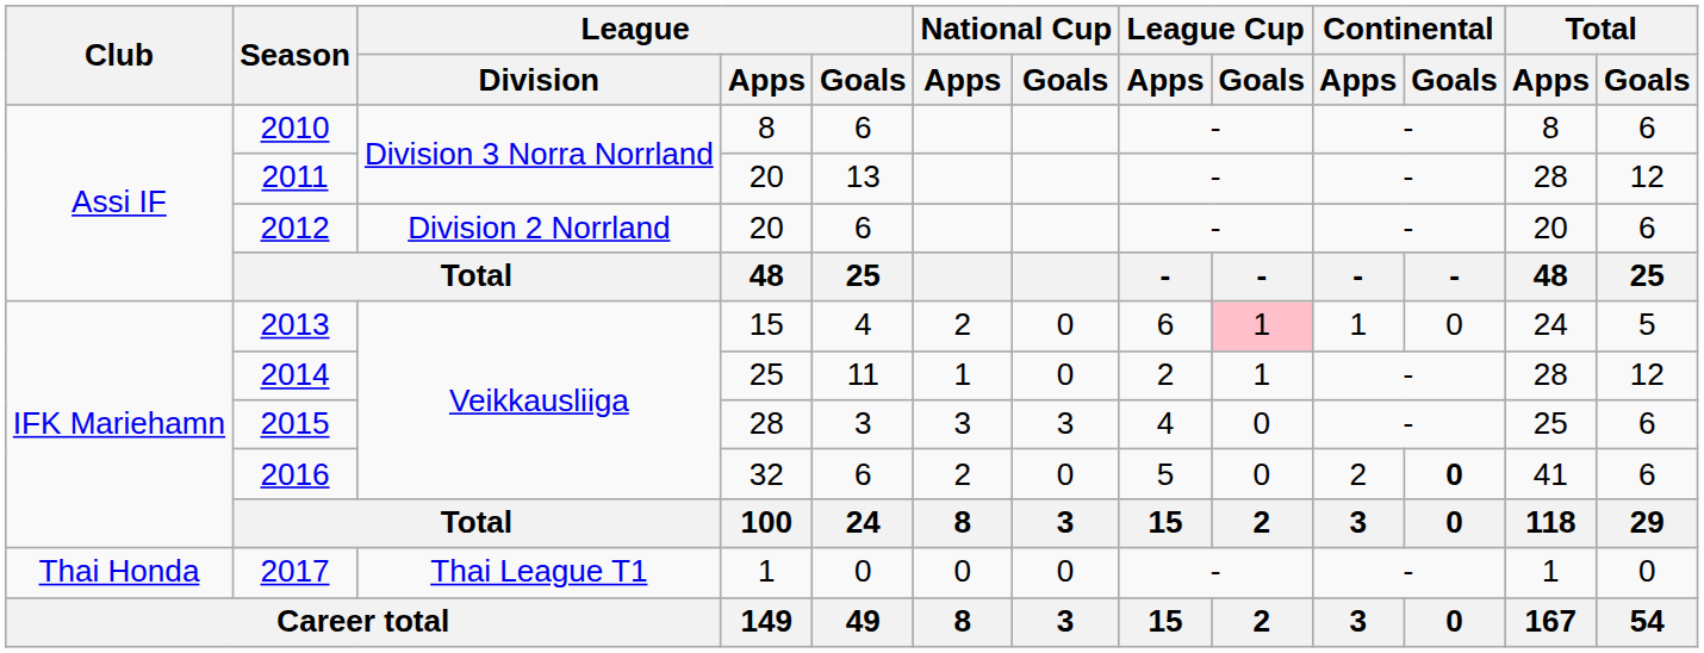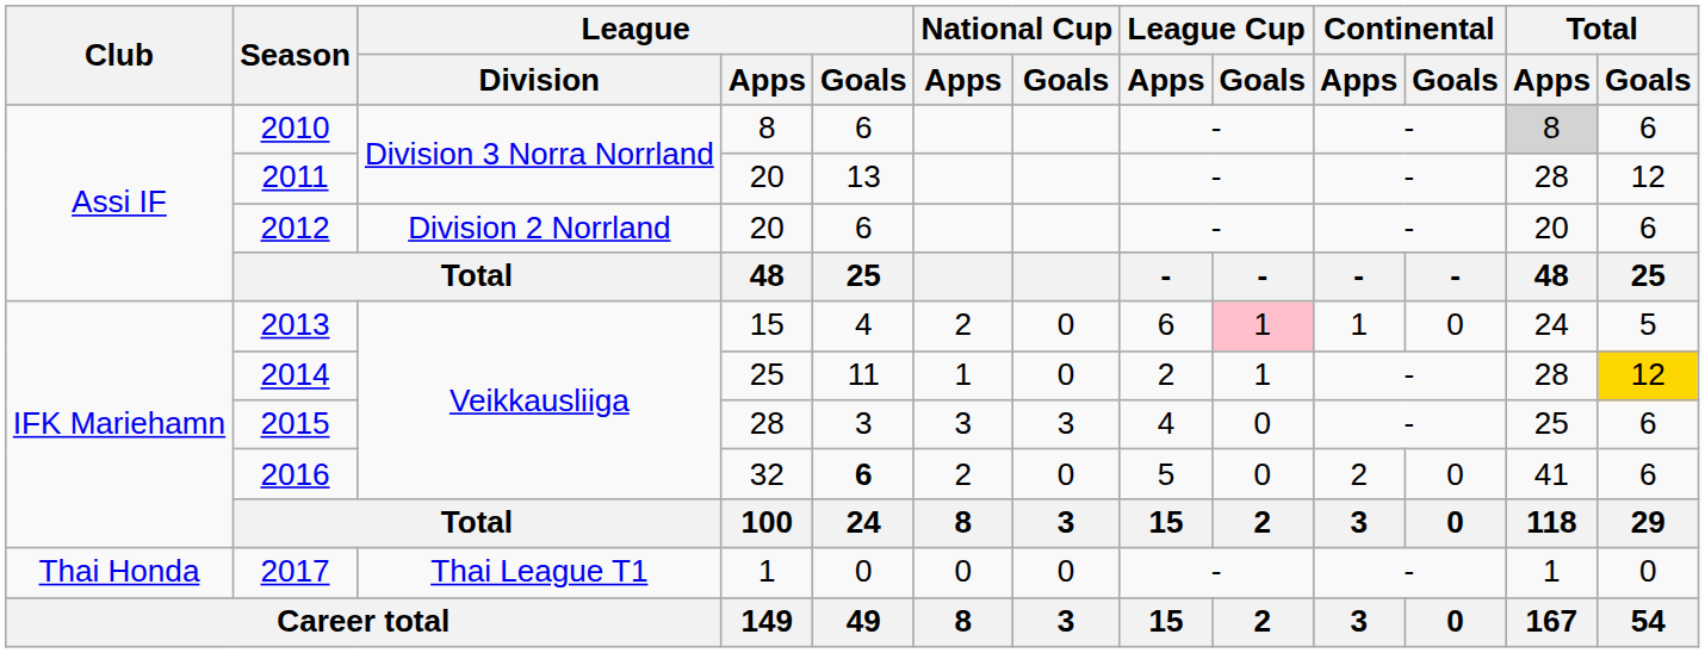 <table class="wikitable" style="text-align: center;">
 <tr>
 <th rowspan="2">Club</th>
 <th rowspan="2">Season</th>
 <th colspan="3">League</th>
 <th colspan="2">National Cup</th>
 <th colspan="2">League Cup</th>
 <th colspan="2">Continental</th>
 <th colspan="2">Total</th>
 </tr>
 <tr>
 <th>Division</th>
 <th>Apps</th>
 <th>Goals</th>
 <th>Apps</th>
 <th>Goals</th>
 <th>Apps</th>
 <th>Goals</th>
 <th>Apps</th>
 <th>Goals</th>
 <th>Apps</th>
 <th>Goals</th>
 </tr>
 <tr>
 <td rowspan="4" valign="center"><a href='#'>Assi IF</a></td>
 <td><a href='#'>2010</a></td>
 <td rowspan="2" valign="center"><a href='#'>Division 3 Norra Norrland</a></td>
 <td>8</td>
 <td>6</td>
 <td></td>
 <td></td>
 <td colspan="2">-</td>
 <td colspan="2">-</td>
-<td>8</td>
+<td style="background: lightgrey;">8</td>
 <td>6</td>
 </tr>
 <tr>
 <td><a href='#'>2011</a></td>
 <td>20</td>
 <td>13</td>
 <td></td>
 <td></td>
 <td colspan="2">-</td>
 <td colspan="2">-</td>
 <td>28</td>
 <td>12</td>
 </tr>
 <tr>
 <td><a href='#'>2012</a></td>
 <td><a href='#'>Division 2 Norrland</a></td>
 <td>20</td>
 <td>6</td>
 <td></td>
 <td></td>
 <td colspan="2">-</td>
 <td colspan="2">-</td>
 <td>20</td>
 <td>6</td>
 </tr>
 <tr>
 <th colspan="2">Total</th>
 <th>48</th>
 <th>25</th>
 <th></th>
 <th></th>
 <th>-</th>
 <th>-</th>
 <th>-</th>
 <th>-</th>
 <th>48</th>
 <th>25</th>
 </tr>
 <tr>
 <td rowspan="5" valign="center"><a href='#'>IFK Mariehamn</a></td>
 <td><a href='#'>2013</a></td>
 <td rowspan="4" valign="center"><a href='#'>Veikkausliiga</a></td>
 <td>15</td>
 <td>4</td>
 <td>2</td>
 <td>0</td>
 <td>6</td>
 <td style="background: pink;">1</td>
 <td>1</td>
 <td>0</td>
 <td>24</td>
 <td>5</td>
 </tr>
 <tr>
 <td><a href='#'>2014</a></td>
 <td>25</td>
 <td>11</td>
 <td>1</td>
 <td>0</td>
 <td>2</td>
 <td>1</td>
 <td colspan="2">-</td>
 <td>28</td>
-<td>12</td>
+<td style="background: gold;">12</td>
 </tr>
 <tr>
 <td><a href='#'>2015</a></td>
 <td>28</td>
 <td>3</td>
 <td>3</td>
 <td>3</td>
 <td>4</td>
 <td>0</td>
 <td colspan="2">-</td>
 <td>25</td>
 <td>6</td>
 </tr>
 <tr>
 <td><a href='#'>2016</a></td>
 <td>32</td>
-<td>6</td>
+<td><strong>6</strong></td>
 <td>2</td>
 <td>0</td>
 <td>5</td>
 <td>0</td>
 <td>2</td>
-<td><strong>0</strong></td>
+<td>0</td>
 <td>41</td>
 <td>6</td>
 </tr>
 <tr>
 <th colspan="2">Total</th>
 <th>100</th>
 <th>24</th>
 <th>8</th>
 <th>3</th>
 <th>15</th>
 <th>2</th>
 <th>3</th>
 <th>0</th>
 <th>118</th>
 <th>29</th>
 </tr>
 <tr>
 <td valign="center"><a href='#'>Thai Honda</a></td>
 <td><a href='#'>2017</a></td>
 <td><a href='#'>Thai League T1</a></td>
 <td>1</td>
 <td>0</td>
 <td>0</td>
 <td>0</td>
 <td colspan="2">-</td>
 <td colspan="2">-</td>
 <td>1</td>
 <td>0</td>
 </tr>
 <tr>
 <th colspan="3">Career total</th>
 <th>149</th>
 <th>49</th>
 <th>8</th>
 <th>3</th>
 <th>15</th>
 <th>2</th>
 <th>3</th>
 <th>0</th>
 <th>167</th>
 <th>54</th>
 </tr>
 </table>
